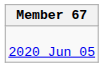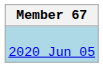 <table class=wikitable align=right>
 <tr>
 <th>Member 67</th>
 </tr>
 <tr>
-<td><br><a href='#'>2020 Jun 05</a></td>
+<td style="background: lightblue;"><br><a href='#'>2020 Jun 05</a></td>
 </tr>
 </table>
